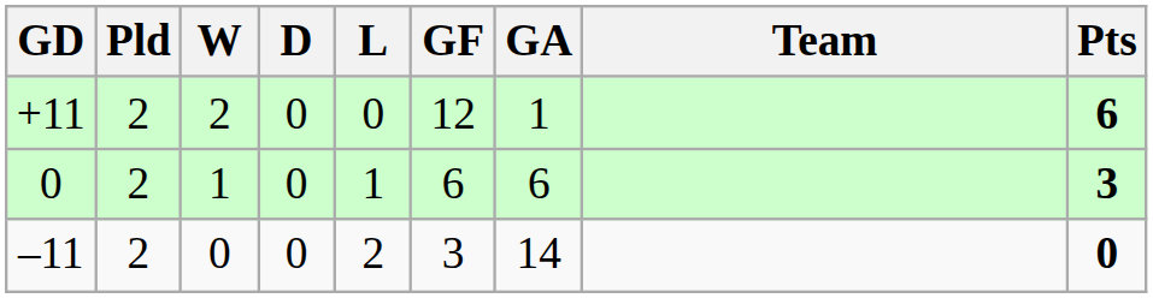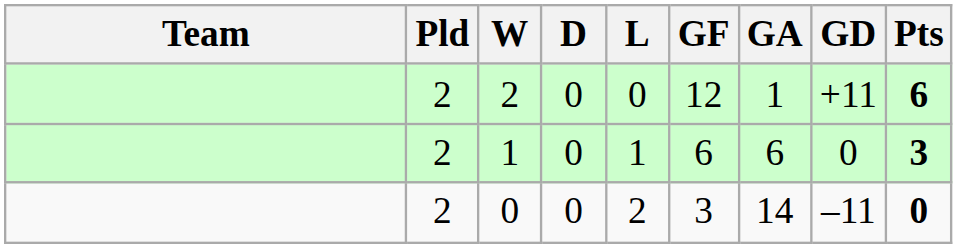 <table class="wikitable" style="text-align:center;">
 <tr>
-<th width=20>GD</th>
+<th width=165>Team</th>
 <th width=20>Pld</th>
 <th width=20>W</th>
 <th width=20>D</th>
 <th width=20>L</th>
 <th width=20>GF</th>
 <th width=20>GA</th>
-<th width=165>Team</th>
+<th width=20>GD</th>
 <th width=20>Pts</th>
 </tr>
 <tr style="background:#cfc;">
-<td>+11</td>
+<td style="text-align:left;"></td>
 <td>2</td>
 <td>2</td>
 <td>0</td>
 <td>0</td>
 <td>12</td>
 <td>1</td>
-<td style="text-align:left;"></td>
+<td>+11</td>
 <td><strong>6</strong></td>
 </tr>
 <tr style="background:#cfc;">
-<td>0</td>
+<td style="text-align:left;"></td>
 <td>2</td>
 <td>1</td>
 <td>0</td>
 <td>1</td>
 <td>6</td>
 <td>6</td>
-<td style="text-align:left;"></td>
+<td>0</td>
 <td><strong>3</strong></td>
 </tr>
 <tr>
-<td>–11</td>
+<td style="text-align:left;"></td>
 <td>2</td>
 <td>0</td>
 <td>0</td>
 <td>2</td>
 <td>3</td>
 <td>14</td>
-<td style="text-align:left;"></td>
+<td>–11</td>
 <td><strong>0</strong></td>
 </tr>
 </table>
